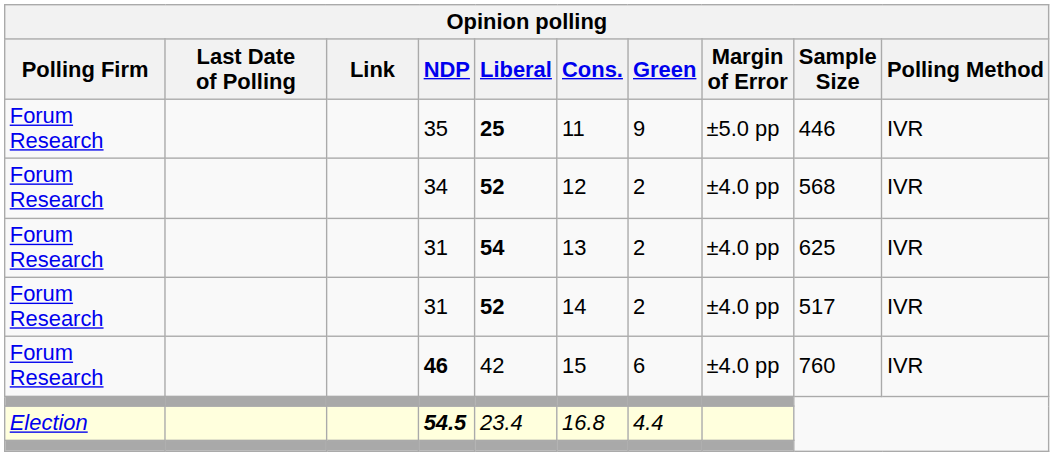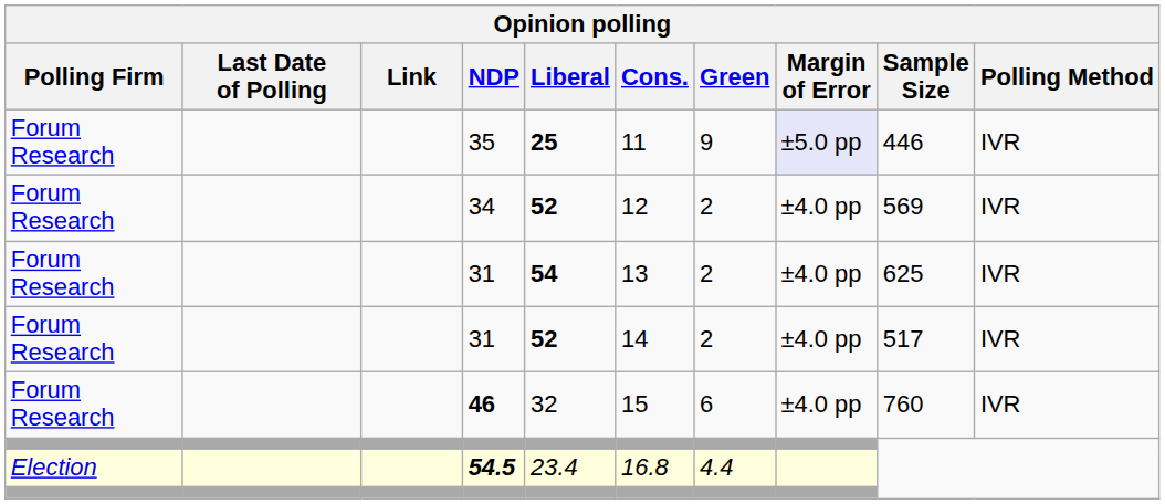 <table class="wikitable collapsible sortable collapsed">
 <tr style="background:#e9e9e9;">
 <th style="width:640px,;" colspan="10">Opinion polling</th>
 </tr>
 <tr style="background:#e9e9e9;">
 <th style="width:110px">Polling Firm</th>
 <th style="width:110px">Last Date<br>of Polling</th>
 <th style="width:60px" class="unsortable">Link</th>
 <th style="background-color:"><a href='#'>NDP</a></th>
 <th style="background-color:"><a href='#'>Liberal</a></th>
 <th style="background-color:"><a href='#'>Cons.</a></th>
 <th style="background-color:"><a href='#'>Green</a></th>
 <th style="width:60px;" class=unsortable>Margin<br>of Error</th>
 <th style="width:50px;" class=unsortable>Sample<br>Size</th>
 <th class=unsortable>Polling Method</th>
 </tr>
 <tr>
 <td><a href='#'>Forum Research</a></td>
 <td></td>
 <td></td>
 <td>35</td>
 <td><strong>25</strong></td>
 <td>11</td>
 <td>9</td>
-<td>±5.0 pp</td>
+<td style="background: lavender;">±5.0 pp</td>
 <td>446</td>
 <td>IVR</td>
 </tr>
 <tr>
 <td><a href='#'>Forum Research</a></td>
 <td></td>
 <td></td>
 <td>34</td>
 <td><strong>52</strong></td>
 <td>12</td>
 <td>2</td>
 <td>±4.0 pp</td>
-<td>568</td>
+<td>569</td>
 <td>IVR</td>
 </tr>
 <tr>
 <td><a href='#'>Forum Research</a></td>
 <td></td>
 <td></td>
 <td>31</td>
 <td><strong>54</strong></td>
 <td>13</td>
 <td>2</td>
 <td>±4.0 pp</td>
 <td>625</td>
 <td>IVR</td>
 </tr>
 <tr>
 <td><a href='#'>Forum Research</a></td>
 <td></td>
 <td></td>
 <td>31</td>
 <td><strong>52</strong></td>
 <td>14</td>
 <td>2</td>
 <td>±4.0 pp</td>
 <td>517</td>
 <td>IVR</td>
 </tr>
 <tr>
 <td><a href='#'>Forum Research</a></td>
 <td></td>
 <td></td>
 <td><strong>46</strong></td>
-<td>42</td>
+<td>32</td>
 <td>15</td>
 <td>6</td>
 <td>±4.0 pp</td>
 <td>760</td>
 <td>IVR</td>
 </tr>
 <tr style="background:Darkgrey;">
 <td></td>
 <td></td>
 <td></td>
 <td></td>
 <td></td>
 <td></td>
 <td></td>
 <td></td>
 </tr>
 <tr>
 <td style="background:#ffd;"><em><a href='#'>Election</a></em></td>
 <td style="background:#ffd;"></td>
 <td style="background:#ffd;"></td>
 <td style="background:#ffd;"><strong><em>54.5</em></strong></td>
 <td style="background:#ffd;"><em>23.4</em></td>
 <td style="background:#ffd;"><em>16.8</em></td>
 <td style="background:#ffd;"><em>4.4</em></td>
 <td style="background:#ffd;"></td>
 </tr>
 <tr style="background:Darkgrey;">
 <td></td>
 <td></td>
 <td></td>
 <td></td>
 <td></td>
 <td></td>
 <td></td>
 <td></td>
 </tr>
 </table>
